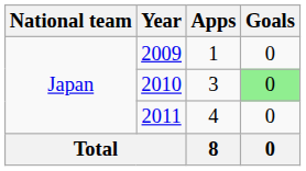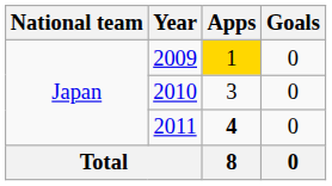 <table class="wikitable" style="text-align:center">
 <tr>
 <th>National team</th>
 <th>Year</th>
 <th>Apps</th>
 <th>Goals</th>
 </tr>
 <tr>
 <td rowspan="3"><a href='#'>Japan</a></td>
 <td><a href='#'>2009</a></td>
-<td>1</td>
+<td style="background: gold;">1</td>
 <td>0</td>
 </tr>
 <tr>
 <td><a href='#'>2010</a></td>
 <td>3</td>
-<td style="background: lightgreen;">0</td>
+<td>0</td>
 </tr>
 <tr>
 <td><a href='#'>2011</a></td>
-<td>4</td>
+<td><strong>4</strong></td>
 <td>0</td>
 </tr>
 <tr>
 <th colspan="2">Total</th>
 <th>8</th>
 <th>0</th>
 </tr>
 </table>
